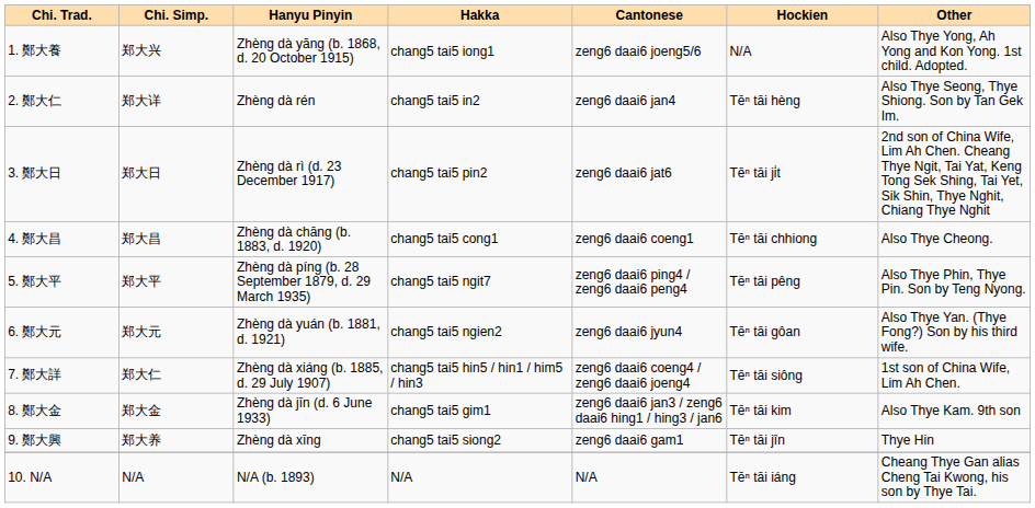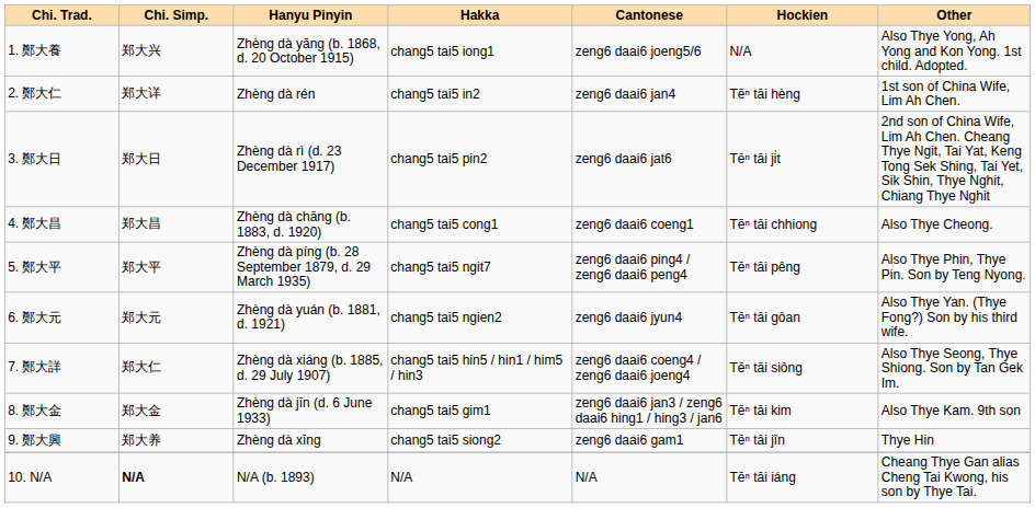 <table class="wikitable">
 <tr>
 <th width="150" style="background:#ffdead;">Chi. Trad.</th>
 <th width="150" style="background:#ffdead;">Chi. Simp.</th>
 <th width="200" style="background:#ffdead;">Hanyu Pinyin</th>
 <th width="250" style="background:#ffdead;">Hakka</th>
 <th width="200" style="background:#ffdead;">Cantonese</th>
 <th width="200" style="background:#ffdead;">Hockien</th>
 <th width="200" style="background:#ffdead;">Other</th>
 </tr>
 <tr>
 <td>1. 鄭大養</td>
 <td>郑大兴</td>
 <td>Zhèng dà yăng (b. 1868, d. 20 October 1915)</td>
 <td>chang5 tai5 iong1</td>
 <td>zeng6 daai6 joeng5/6</td>
 <td>N/A</td>
 <td>Also Thye Yong, Ah Yong and Kon Yong. 1st child. Adopted.</td>
 </tr>
 <tr>
 <td>2. 鄭大仁</td>
 <td>郑大详</td>
 <td>Zhèng dà rén</td>
 <td>chang5 tai5 in2</td>
 <td>zeng6 daai6 jan4</td>
 <td>Tēⁿ tāi hèng</td>
-<td>Also Thye Seong, Thye Shiong. Son by Tan Gek Im.</td>
+<td>1st son of China Wife, Lim Ah Chen.</td>
 </tr>
 <tr>
 <td>3. 鄭大日</td>
 <td>郑大日</td>
 <td>Zhèng dà rì (d. 23 December 1917)</td>
 <td>chang5 tai5 pin2</td>
 <td>zeng6 daai6 jat6</td>
 <td>Tēⁿ tāi ji̍t</td>
 <td>2nd son of China Wife, Lim Ah Chen. Cheang Thye Ngit, Tai Yat, Keng Tong Sek Shing, Tai Yet, Sik Shin, Thye Nghit, Chiang Thye Nghit</td>
 </tr>
 <tr>
 <td>4. 鄭大昌</td>
 <td>郑大昌</td>
 <td>Zhèng dà chāng (b. 1883, d. 1920)</td>
 <td>chang5 tai5 cong1</td>
 <td>zeng6 daai6 coeng1</td>
 <td>Tēⁿ tāi chhiong</td>
 <td>Also Thye Cheong.</td>
 </tr>
 <tr>
 <td>5. 鄭大平</td>
 <td>郑大平</td>
 <td>Zhèng dà píng (b. 28 September 1879, d. 29 March 1935)</td>
 <td>chang5 tai5 ngit7</td>
 <td>zeng6 daai6 ping4 / zeng6 daai6 peng4</td>
 <td>Tēⁿ tāi pêng</td>
 <td>Also Thye Phin, Thye Pin. Son by Teng Nyong.</td>
 </tr>
 <tr>
 <td>6. 鄭大元</td>
 <td>郑大元</td>
 <td>Zhèng dà yuán (b. 1881, d. 1921)</td>
 <td>chang5 tai5 ngien2</td>
 <td>zeng6 daai6 jyun4</td>
 <td>Tēⁿ tāi gôan</td>
 <td>Also Thye Yan. (Thye Fong?) Son by his third wife.</td>
 </tr>
 <tr>
 <td>7. 鄭大詳</td>
 <td>郑大仁</td>
 <td>Zhèng dà xiáng (b. 1885, d. 29 July 1907)</td>
 <td>chang5 tai5 hin5 / hin1 / him5 / hin3</td>
 <td>zeng6 daai6 coeng4 / zeng6 daai6 joeng4</td>
 <td>Tēⁿ tāi siông</td>
-<td>1st son of China Wife, Lim Ah Chen.</td>
+<td>Also Thye Seong, Thye Shiong. Son by Tan Gek Im.</td>
 </tr>
 <tr>
 <td>8. 鄭大金</td>
 <td>郑大金</td>
 <td>Zhèng dà jīn (d. 6 June 1933)</td>
 <td>chang5 tai5 gim1</td>
 <td>zeng6 daai6 jan3 / zeng6 daai6 hing1 / hing3 / jan6</td>
 <td>Tēⁿ tāi kim</td>
 <td>Also Thye Kam. 9th son</td>
 </tr>
 <tr>
 <td>9. 鄭大興</td>
 <td>郑大养</td>
 <td>Zhèng dà xīng</td>
 <td>chang5 tai5 siong2</td>
 <td>zeng6 daai6 gam1</td>
 <td>Tēⁿ tāi jîn</td>
 <td>Thye Hin</td>
 </tr>
 <tr>
 </tr>
 <tr>
 <td>10. N/A</td>
-<td>N/A</td>
+<td><strong>N/A</strong></td>
 <td>N/A (b. 1893)</td>
 <td>N/A</td>
 <td>N/A</td>
 <td>Tēⁿ tāi iáng</td>
 <td>Cheang Thye Gan alias Cheng Tai Kwong, his son by Thye Tai.</td>
 </tr>
 </table>
